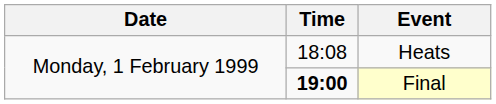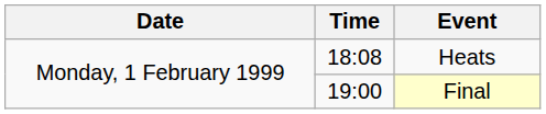 <table class = "wikitable" style="text-align:center;">
 <tr>
 <th width=220>Date</th>
 <th width=50>Time</th>
 <th width=100>Event</th>
 </tr>
 <tr>
 <td rowspan=2>Monday, 1 February 1999</td>
 <td>18:08</td>
 <td>Heats</td>
 </tr>
 <tr>
-<td><strong>19:00</strong></td>
+<td>19:00</td>
 <td bgcolor=ffffcc>Final</td>
 </tr>
 </table>
